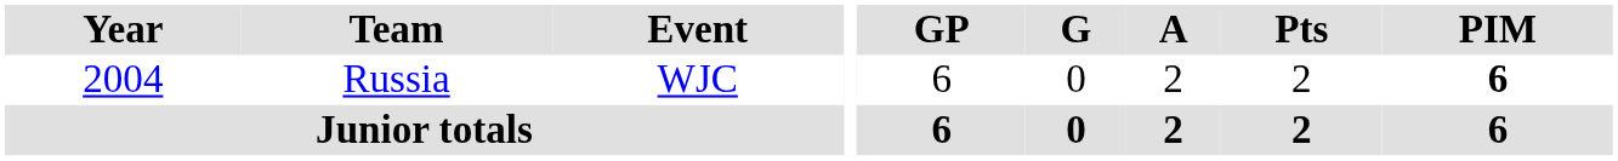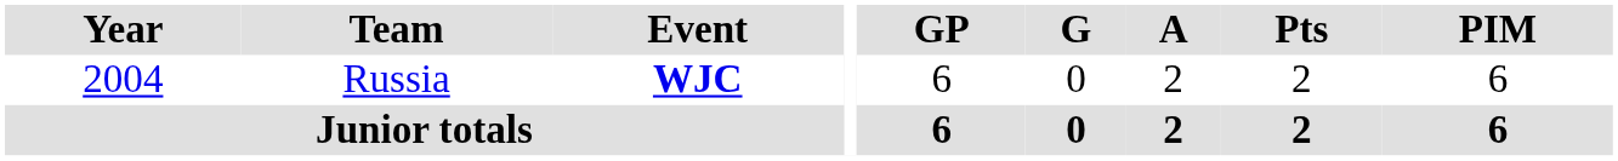 <table border="0" cellpadding="1" cellspacing="0" ID="Table3" style="text-align:center; width:40em">
 <tr ALIGN="center" bgcolor="#e0e0e0">
 <th>Year</th>
 <th>Team</th>
 <th>Event</th>
 <th rowspan="99" bgcolor="#ffffff"></th>
 <th>GP</th>
 <th>G</th>
 <th>A</th>
 <th>Pts</th>
 <th>PIM</th>
 </tr>
 <tr>
 <td><a href='#'>2004</a></td>
 <td><a href='#'>Russia</a></td>
-<td><a href='#'>WJC</a></td>
+<td><strong><a href='#'>WJC</a></strong></td>
 <td>6</td>
 <td>0</td>
 <td>2</td>
 <td>2</td>
-<td><strong>6</strong></td>
+<td>6</td>
 </tr>
 <tr bgcolor="#e0e0e0">
 <th colspan="3">Junior totals</th>
 <th>6</th>
 <th>0</th>
 <th>2</th>
 <th>2</th>
 <th>6</th>
 </tr>
 </table>
